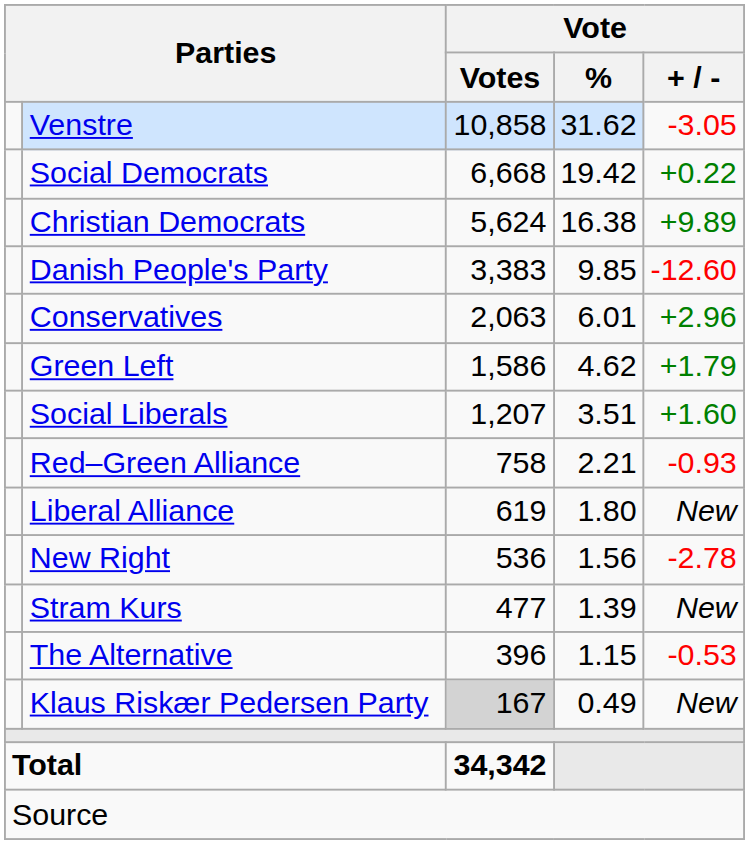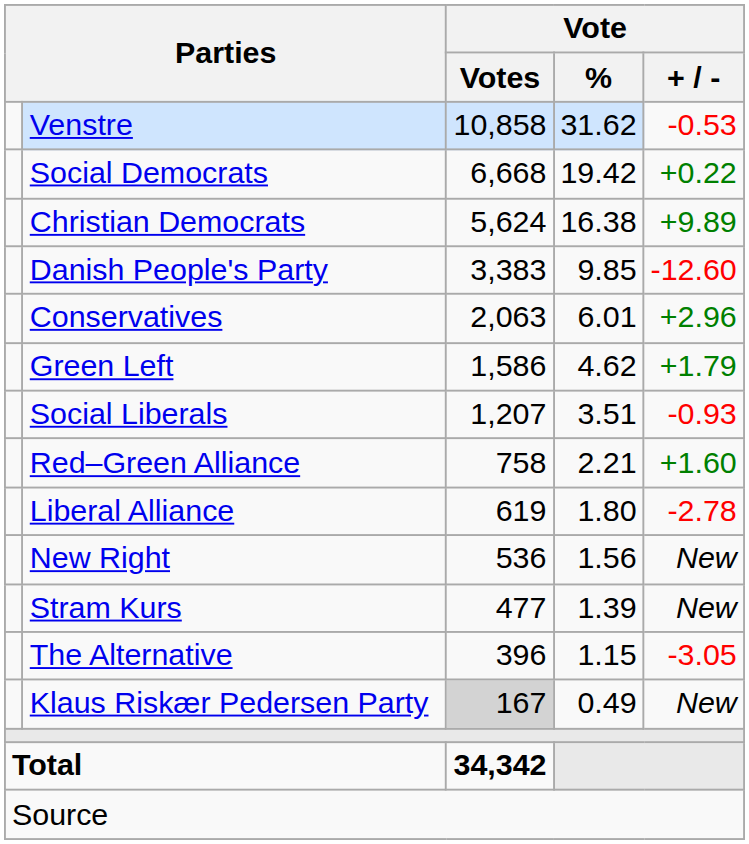 <table class="wikitable" style="text-align:right;">
 <tr>
 <th style="text-align:centre;" rowspan="2" colspan="2" width="225">Parties</th>
 <th colspan="3">Vote</th>
 </tr>
 <tr>
 <th width="15">Votes</th>
 <th width="15">%</th>
 <th width="15">+ / -</th>
 </tr>
 <tr>
 <td width="2" style="color:inherit;background:"></td>
 <td bgcolor=#cfe5fe  align="left"><a href='#'>Venstre</a></td>
 <td bgcolor=#cfe5fe>10,858</td>
 <td bgcolor=#cfe5fe>31.62</td>
-<td style=color:red;>-3.05</td>
+<td style=color:red;>-0.53</td>
 </tr>
 <tr>
 <td width="2" style="color:inherit;background:"></td>
 <td align="left"><a href='#'>Social Democrats</a></td>
 <td>6,668</td>
 <td>19.42</td>
 <td style=color:green;>+0.22</td>
 </tr>
 <tr>
 <td width="2" style="color:inherit;background:"></td>
 <td align="left"><a href='#'>Christian Democrats</a></td>
 <td>5,624</td>
 <td>16.38</td>
 <td style=color:green;>+9.89</td>
 </tr>
 <tr>
 <td width="2" style="color:inherit;background:"></td>
 <td align="left"><a href='#'>Danish People's Party</a></td>
 <td>3,383</td>
 <td>9.85</td>
 <td style=color:red;>-12.60</td>
 </tr>
 <tr>
 <td width="2" style="color:inherit;background:"></td>
 <td align="left"><a href='#'>Conservatives</a></td>
 <td>2,063</td>
 <td>6.01</td>
 <td style=color:green;>+2.96</td>
 </tr>
 <tr>
 <td width="2" style="color:inherit;background:"></td>
 <td align="left"><a href='#'>Green Left</a></td>
 <td>1,586</td>
 <td>4.62</td>
 <td style=color:green;>+1.79</td>
 </tr>
 <tr>
 <td width="2" style="color:inherit;background:"></td>
 <td align="left"><a href='#'>Social Liberals</a></td>
 <td>1,207</td>
 <td>3.51</td>
-<td style=color:green;>+1.60</td>
+<td style=color:red;>-0.93</td>
 </tr>
 <tr>
 <td width="2" style="color:inherit;background:"></td>
 <td align="left"><a href='#'>Red–Green Alliance</a></td>
 <td>758</td>
 <td>2.21</td>
-<td style=color:red;>-0.93</td>
+<td style=color:green;>+1.60</td>
 </tr>
 <tr>
 <td width="2" style="color:inherit;background:"></td>
 <td align="left"><a href='#'>Liberal Alliance</a></td>
 <td>619</td>
 <td>1.80</td>
-<td><em>New</em></td>
+<td style=color:red;>-2.78</td>
 </tr>
 <tr>
 <td width="2" style="color:inherit;background:"></td>
 <td align="left"><a href='#'>New Right</a></td>
 <td>536</td>
 <td>1.56</td>
-<td style=color:red;>-2.78</td>
+<td><em>New</em></td>
 </tr>
 <tr>
 <td width="2" style="color:inherit;background:"></td>
 <td align="left"><a href='#'>Stram Kurs</a></td>
 <td>477</td>
 <td>1.39</td>
 <td><em>New</em></td>
 </tr>
 <tr>
 <td width="2" style="color:inherit;background:"></td>
 <td align="left"><a href='#'>The Alternative</a></td>
 <td>396</td>
 <td>1.15</td>
-<td style=color:red;>-0.53</td>
+<td style=color:red;>-3.05</td>
 </tr>
 <tr>
 <td width="2" style="color:inherit;background:"></td>
 <td align="left"><a href='#'>Klaus Riskær Pedersen Party</a></td>
 <td style="background: lightgrey;">167</td>
 <td>0.49</td>
 <td><em>New</em></td>
 </tr>
 <tr>
 <td colspan="7" bgcolor="#E9E9E9"></td>
 </tr>
 <tr>
 <td align="left" colspan="2"><strong>Total</strong></td>
 <td><strong>34,342</strong></td>
 <td bgcolor="#E9E9E9" colspan="2"></td>
 </tr>
 <tr>
 <td align="left" colspan="6">Source</td>
 </tr>
 </table>
